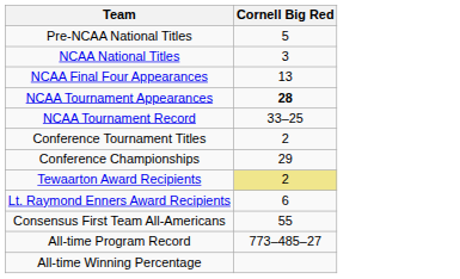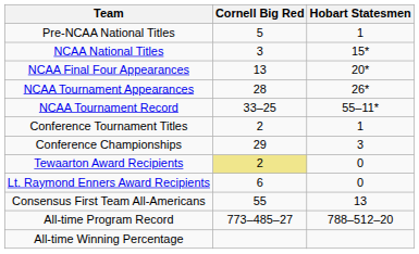 <table class="wikitable" style="text-align:center;">
 <tr>
 <th>Team</th>
 <th>Cornell Big Red</th>
+<th>Hobart Statesmen</th>
 </tr>
 <tr>
 <td>Pre-NCAA National Titles</td>
 <td>5</td>
+<td>1</td>
 </tr>
 <tr>
 <td><a href='#'>NCAA National Titles</a></td>
 <td>3</td>
+<td>15*</td>
 </tr>
 <tr>
 <td><a href='#'>NCAA Final Four Appearances</a></td>
 <td>13</td>
+<td>20*</td>
 </tr>
 <tr>
 <td><a href='#'>NCAA Tournament Appearances</a></td>
-<td><strong>28</strong></td>
+<td>28</td>
+<td>26*</td>
 </tr>
 <tr>
 <td><a href='#'>NCAA Tournament Record</a></td>
 <td>33–25</td>
+<td>55–11*</td>
 </tr>
 <tr>
 <td>Conference Tournament Titles</td>
 <td>2</td>
+<td>1</td>
 </tr>
 <tr>
 <td>Conference Championships</td>
 <td>29</td>
+<td>3</td>
 </tr>
 <tr>
 <td><a href='#'>Tewaarton Award Recipients</a></td>
 <td style="background: khaki;">2</td>
+<td>0</td>
 </tr>
 <tr>
 <td><a href='#'>Lt. Raymond Enners Award Recipients</a></td>
 <td>6</td>
+<td>0</td>
 </tr>
 <tr>
 <td>Consensus First Team All-Americans</td>
 <td>55</td>
+<td>13</td>
 </tr>
 <tr>
 <td>All-time Program Record</td>
 <td>773–485–27</td>
+<td>788–512–20</td>
 </tr>
 <tr>
 <td>All-time Winning Percentage</td>
 <td></td>
+<td></td>
 </tr>
 </table>
